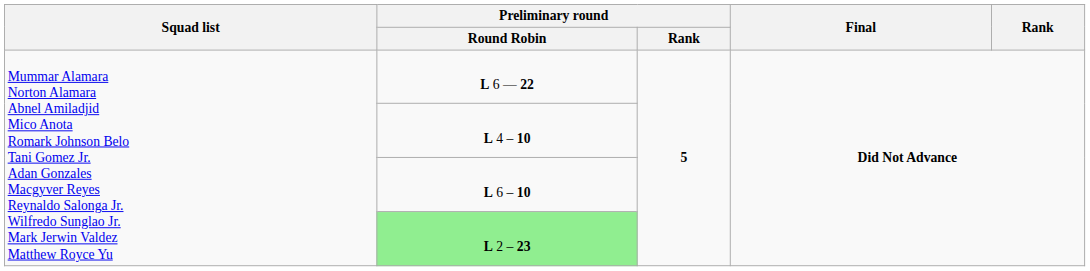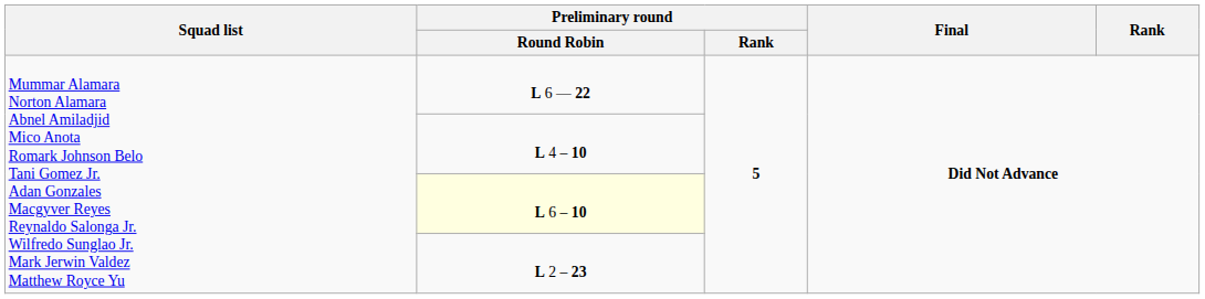 <table class="wikitable" width="90%" style="text-align:left; font-size:90%">
 <tr>
 <th rowspan="2" width="20%">Squad list</th>
 <th colspan="2">Preliminary round</th>
 <th rowspan="2" width="14%">Final</th>
 <th rowspan="2" width="5%">Rank</th>
 </tr>
 <tr>
 <th width="14%">Round Robin</th>
 <th width="5%">Rank</th>
 </tr>
 <tr>
 <td rowspan="4"><br><a href='#'>Mummar Alamara</a><br> <a href='#'>Norton Alamara</a><br> <a href='#'>Abnel Amiladjid</a><br> <a href='#'>Mico Anota</a><br> <a href='#'>Romark Johnson Belo</a><br> <a href='#'>Tani Gomez Jr.</a><br> <a href='#'>Adan Gonzales</a><br> <a href='#'>Macgyver Reyes</a><br> <a href='#'>Reynaldo Salonga Jr.</a><br> <a href='#'>Wilfredo Sunglao Jr.</a><br> <a href='#'>Mark Jerwin Valdez</a><br> <a href='#'>Matthew Royce Yu</a></td>
 <td align=center><br> <strong>L</strong> 6 — <strong>22</strong></td>
 <td rowspan=4 align=center><strong>5</strong></td>
 <td rowspan=4 align=center colspan=2><strong>Did Not Advance</strong></td>
 </tr>
 <tr>
 <td align=center><br> <strong>L</strong> 4 – <strong>10</strong></td>
 </tr>
 <tr>
-<td align=center><br> <strong>L</strong> 6 – <strong>10</strong></td>
+<td align=center style="background: lightyellow;"><br> <strong>L</strong> 6 – <strong>10</strong></td>
 </tr>
 <tr>
-<td align=center style="background: lightgreen;"><br> <strong>L</strong> 2 – <strong>23</strong></td>
+<td align=center><br> <strong>L</strong> 2 – <strong>23</strong></td>
 </tr>
 </table>
